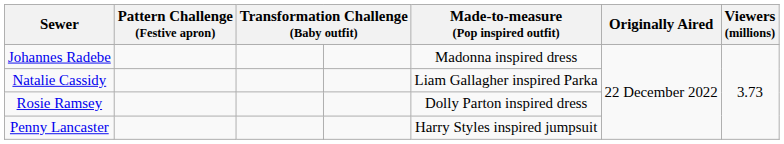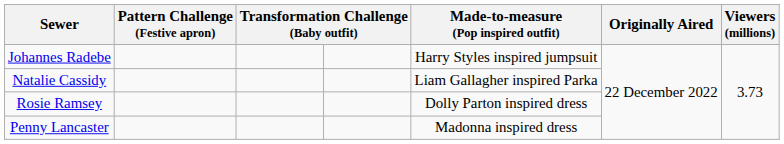 <table class="wikitable" style="text-align:center">
 <tr>
 <th>Sewer</th>
 <th>Pattern Challenge <br><small>(Festive apron)</small></th>
 <th colspan="2">Transformation Challenge <br><small>(Baby outfit)</small></th>
 <th>Made-to-measure <br><small>(Pop inspired outfit)</small></th>
 <th>Originally Aired</th>
 <th>Viewers<br><small>(millions)</small></th>
 </tr>
 <tr>
 <td><a href='#'>Johannes Radebe</a></td>
 <td></td>
 <td></td>
 <td></td>
-<td>Madonna inspired dress</td>
+<td>Harry Styles inspired jumpsuit</td>
 <td rowspan="4">22 December 2022</td>
 <td rowspan="4">3.73</td>
 </tr>
 <tr>
 <td><a href='#'>Natalie Cassidy</a></td>
 <td></td>
 <td></td>
 <td></td>
 <td>Liam Gallagher inspired Parka</td>
 </tr>
 <tr>
 <td><a href='#'>Rosie Ramsey</a></td>
 <td></td>
 <td></td>
 <td></td>
 <td>Dolly Parton inspired dress</td>
 </tr>
 <tr>
 <td><a href='#'>Penny Lancaster</a></td>
 <td></td>
 <td></td>
 <td></td>
-<td>Harry Styles inspired jumpsuit</td>
+<td>Madonna inspired dress</td>
 </tr>
 </table>
